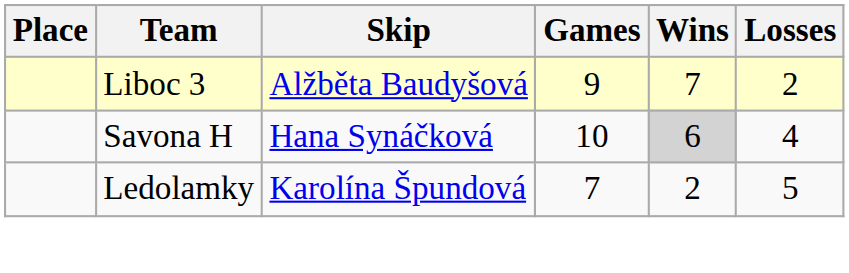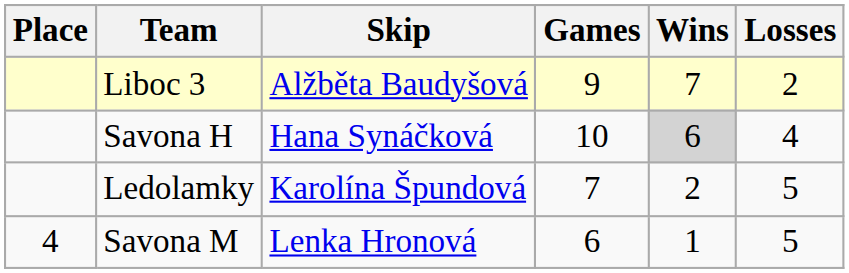 <table class="wikitable" style="text-align:center;">
 <tr>
 <th>Place</th>
 <th>Team</th>
 <th>Skip</th>
 <th>Games</th>
 <th>Wins</th>
 <th>Losses</th>
 </tr>
 <tr bgcolor=#ffc>
 <td></td>
 <td align=left>Liboc 3</td>
 <td align=left><a href='#'>Alžběta Baudyšová</a></td>
 <td>9</td>
 <td>7</td>
 <td>2</td>
 </tr>
 <tr>
 <td></td>
 <td align=left>Savona H</td>
 <td align=left><a href='#'>Hana Synáčková</a></td>
 <td>10</td>
 <td style="background: lightgrey;">6</td>
 <td>4</td>
 </tr>
 <tr>
 <td></td>
 <td align=left>Ledolamky</td>
 <td align=left><a href='#'>Karolína Špundová</a></td>
 <td>7</td>
 <td>2</td>
 <td>5</td>
 </tr>
+<tr>
+<td>4</td>
+<td align=left>Savona M</td>
+<td align=left><a href='#'>Lenka Hronová</a></td>
+<td>6</td>
+<td>1</td>
+<td>5</td>
+</tr>
 </table>
